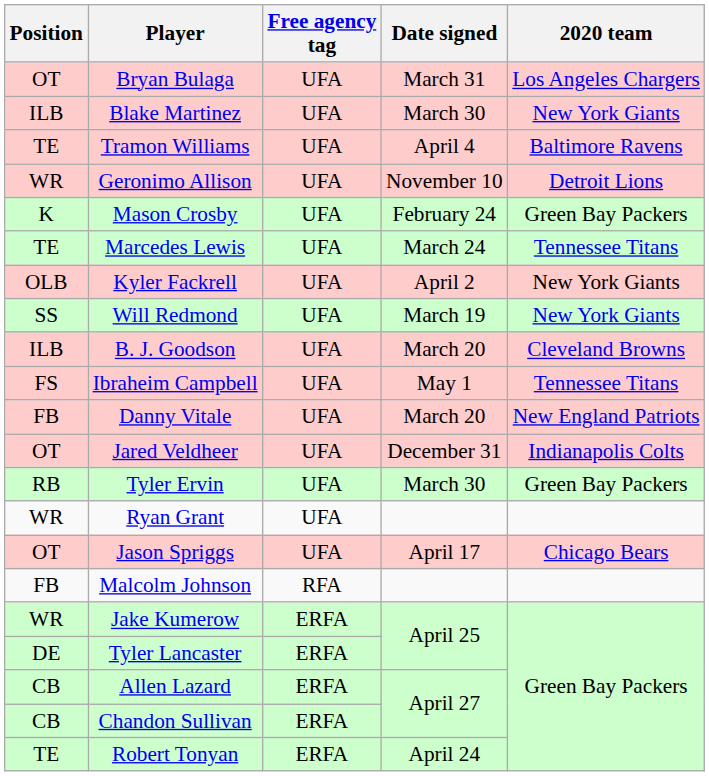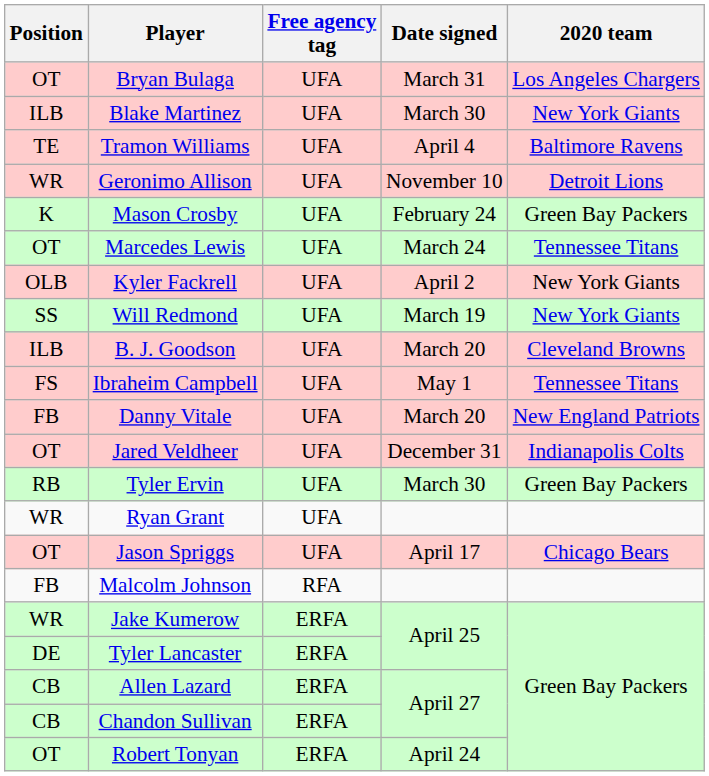 <table class="wikitable" style="text-align:center">
 <tr>
 <th>Position</th>
 <th>Player</th>
 <th><a href='#'><span>Free agency</span></a><br>tag</th>
 <th>Date signed</th>
 <th>2020 team</th>
 </tr>
 <tr bgcolor=ffcccc>
 <td>OT</td>
 <td><a href='#'>Bryan Bulaga</a></td>
 <td>UFA</td>
 <td>March 31</td>
 <td><a href='#'>Los Angeles Chargers</a></td>
 </tr>
 <tr bgcolor=ffcccc>
 <td>ILB</td>
 <td><a href='#'>Blake Martinez</a></td>
 <td>UFA</td>
 <td>March 30</td>
 <td><a href='#'>New York Giants</a></td>
 </tr>
 <tr bgcolor=ffcccc>
 <td>TE</td>
 <td><a href='#'>Tramon Williams</a></td>
 <td>UFA</td>
 <td>April 4</td>
 <td><a href='#'>Baltimore Ravens</a></td>
 </tr>
 <tr bgcolor=ffcccc>
 <td>WR</td>
 <td><a href='#'>Geronimo Allison</a></td>
 <td>UFA</td>
 <td>November 10</td>
 <td><a href='#'>Detroit Lions</a></td>
 </tr>
 <tr bgcolor=ccffcc>
 <td>K</td>
 <td><a href='#'>Mason Crosby</a></td>
 <td>UFA</td>
 <td>February 24</td>
 <td>Green Bay Packers</td>
 </tr>
 <tr bgcolor=ccffcc>
-<td>TE</td>
+<td>OT</td>
 <td><a href='#'>Marcedes Lewis</a></td>
 <td>UFA</td>
 <td>March 24</td>
 <td><a href='#'>Tennessee Titans</a></td>
 </tr>
 <tr bgcolor=ffcccc>
 <td>OLB</td>
 <td><a href='#'>Kyler Fackrell</a></td>
 <td>UFA</td>
 <td>April 2</td>
 <td>New York Giants</td>
 </tr>
 <tr bgcolor=ccffcc>
 <td>SS</td>
 <td><a href='#'>Will Redmond</a></td>
 <td>UFA</td>
 <td>March 19</td>
 <td><a href='#'>New York Giants</a></td>
 </tr>
 <tr bgcolor=ffcccc>
 <td>ILB</td>
 <td><a href='#'>B. J. Goodson</a></td>
 <td>UFA</td>
 <td>March 20</td>
 <td><a href='#'>Cleveland Browns</a></td>
 </tr>
 <tr bgcolor=ffcccc>
 <td>FS</td>
 <td><a href='#'>Ibraheim Campbell</a></td>
 <td>UFA</td>
 <td>May 1</td>
 <td><a href='#'>Tennessee Titans</a></td>
 </tr>
 <tr bgcolor=ffcccc>
 <td>FB</td>
 <td><a href='#'>Danny Vitale</a></td>
 <td>UFA</td>
 <td>March 20</td>
 <td><a href='#'>New England Patriots</a></td>
 </tr>
 <tr bgcolor=ffcccc>
 <td>OT</td>
 <td><a href='#'>Jared Veldheer</a></td>
 <td>UFA</td>
 <td>December 31</td>
 <td><a href='#'>Indianapolis Colts</a></td>
 </tr>
 <tr bgcolor=ccffcc>
 <td>RB</td>
 <td><a href='#'>Tyler Ervin</a></td>
 <td>UFA</td>
 <td>March 30</td>
 <td>Green Bay Packers</td>
 </tr>
 <tr>
 <td>WR</td>
 <td><a href='#'>Ryan Grant</a></td>
 <td>UFA</td>
 <td></td>
 <td></td>
 </tr>
 <tr bgcolor=ffcccc>
 <td>OT</td>
 <td><a href='#'>Jason Spriggs</a></td>
 <td>UFA</td>
 <td>April 17</td>
 <td><a href='#'>Chicago Bears</a></td>
 </tr>
 <tr>
 <td>FB</td>
 <td><a href='#'>Malcolm Johnson</a></td>
 <td>RFA</td>
 <td></td>
 <td></td>
 </tr>
 <tr bgcolor=ccffcc>
 <td>WR</td>
 <td><a href='#'>Jake Kumerow</a></td>
 <td>ERFA</td>
 <td rowspan=2>April 25</td>
 <td rowspan=5>Green Bay Packers</td>
 </tr>
 <tr bgcolor=ccffcc>
 <td>DE</td>
 <td><a href='#'>Tyler Lancaster</a></td>
 <td>ERFA</td>
 </tr>
 <tr bgcolor=ccffcc>
 <td>CB</td>
 <td><a href='#'>Allen Lazard</a></td>
 <td>ERFA</td>
 <td rowspan=2>April 27</td>
 </tr>
 <tr bgcolor=ccffcc>
 <td>CB</td>
 <td><a href='#'>Chandon Sullivan</a></td>
 <td>ERFA</td>
 </tr>
 <tr bgcolor=ccffcc>
-<td>TE</td>
+<td>OT</td>
 <td><a href='#'>Robert Tonyan</a></td>
 <td>ERFA</td>
 <td>April 24</td>
 </tr>
 </table>
